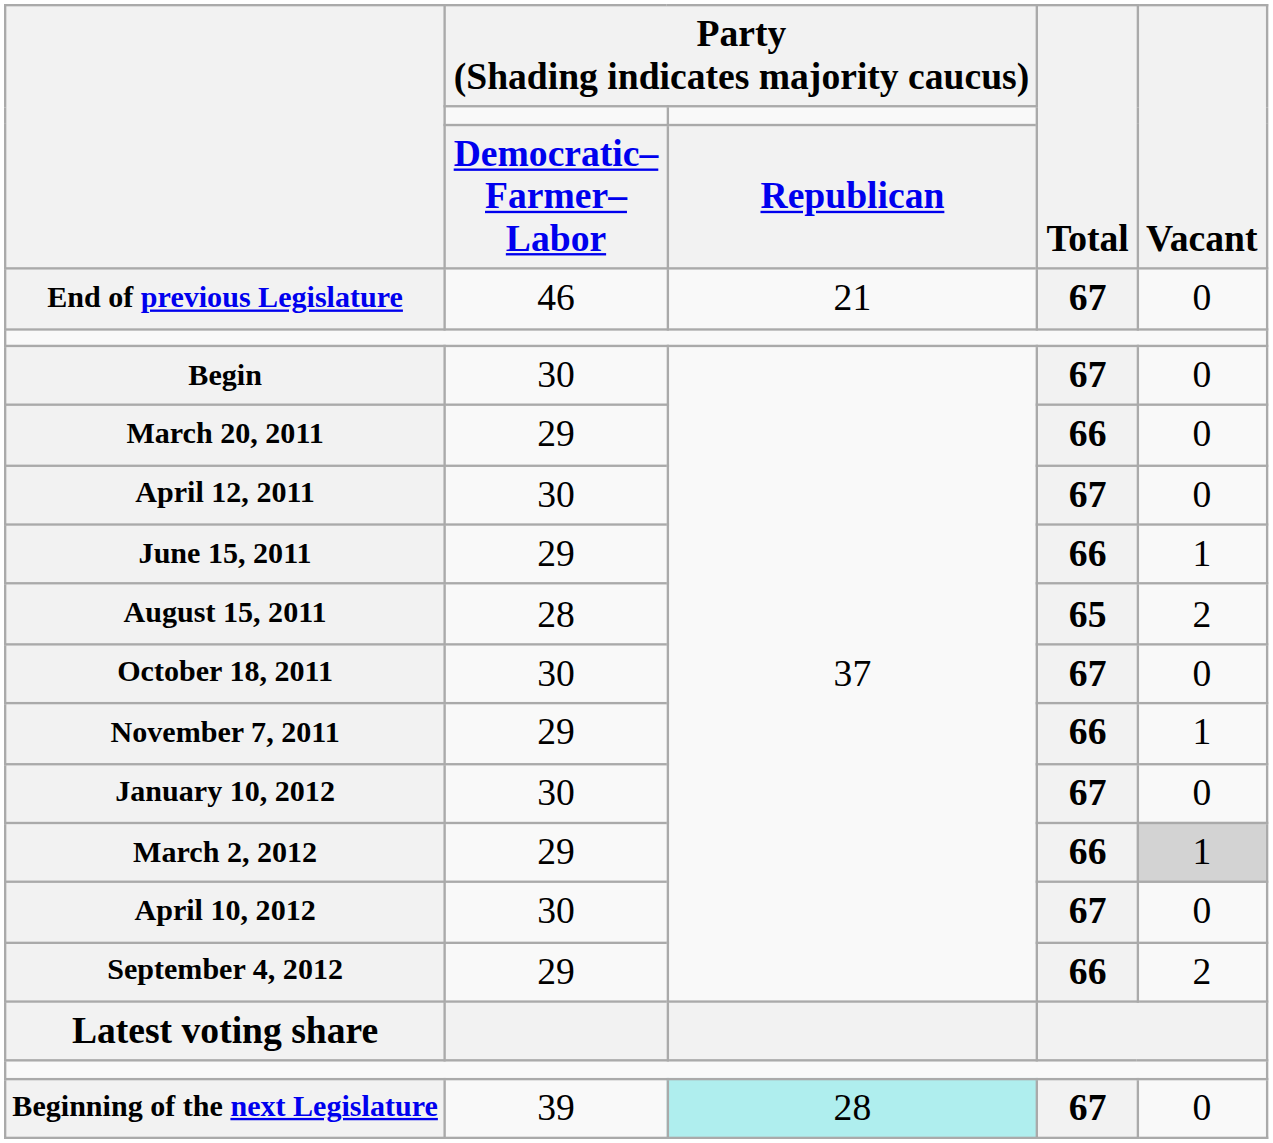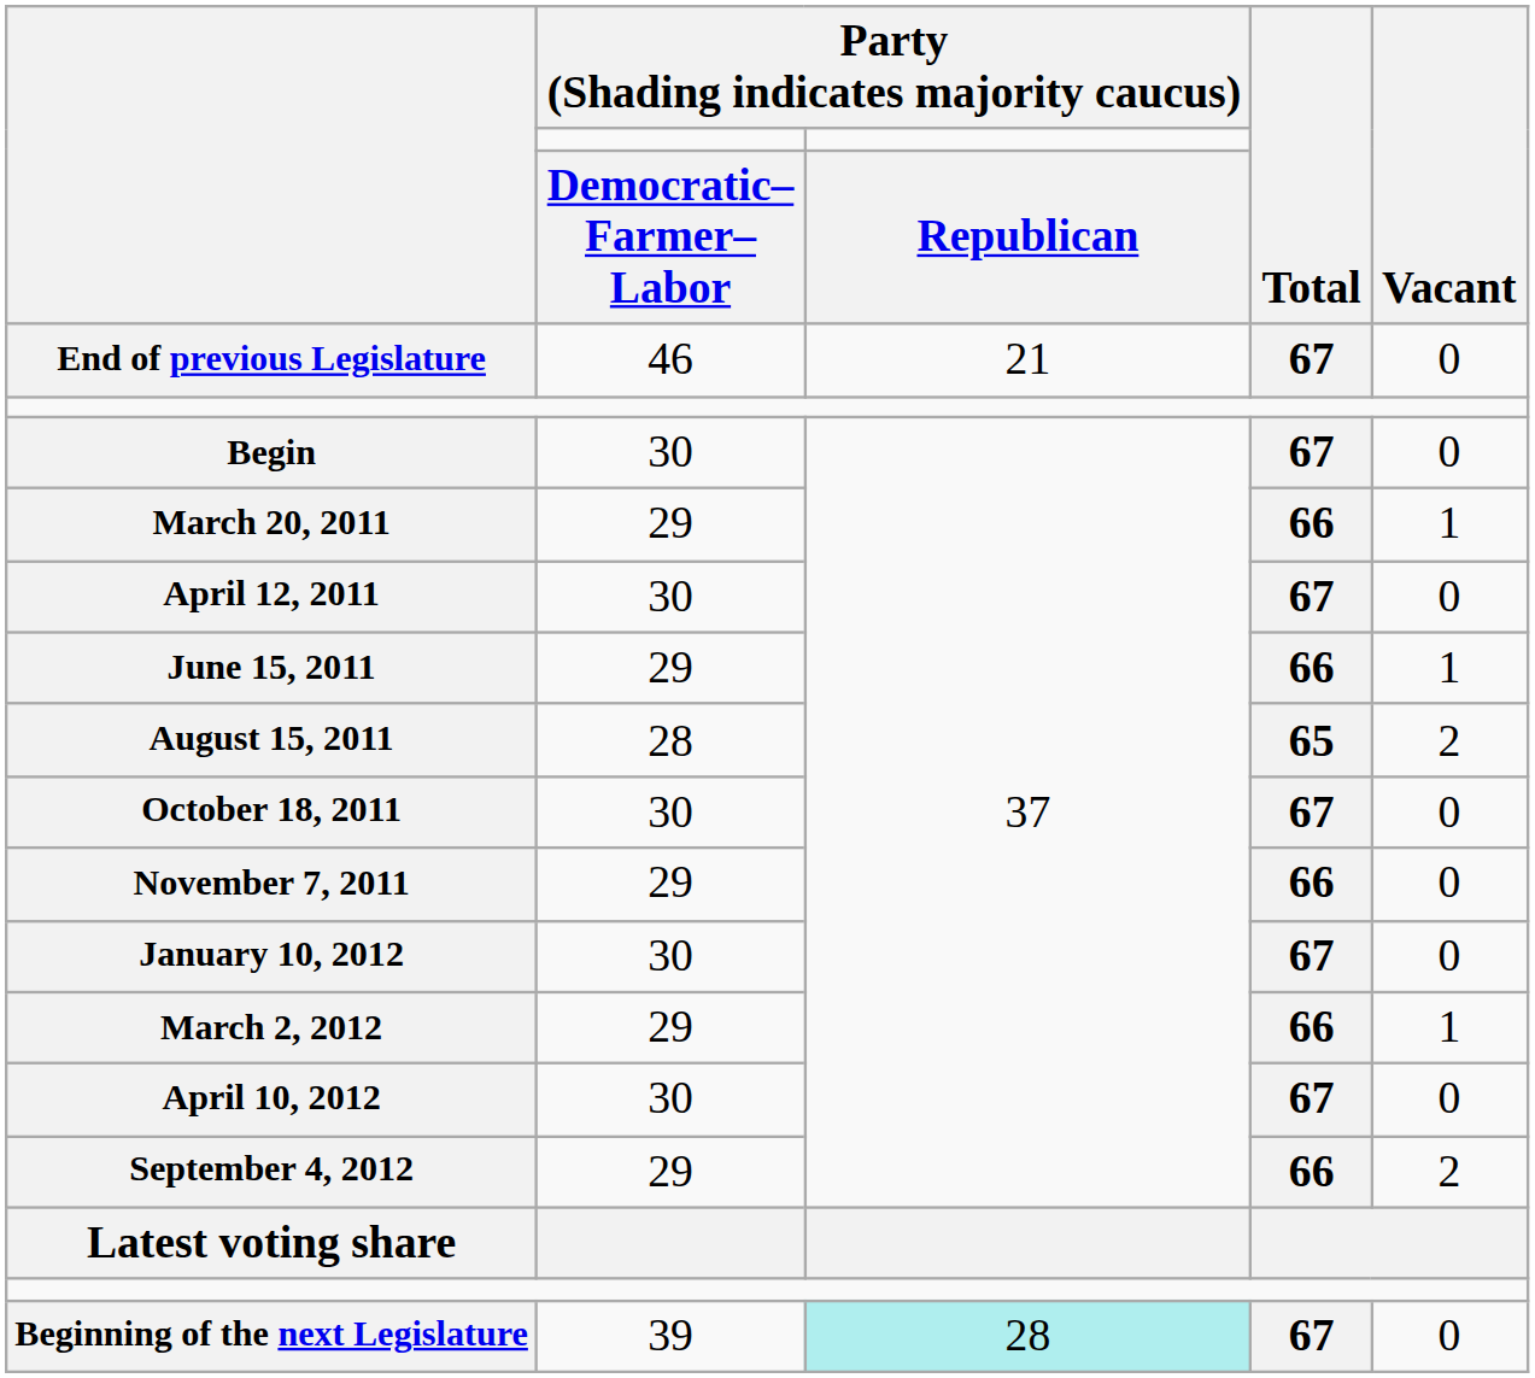 <table class=wikitable style="text-align:center">
 <tr style="vertical-align:bottom;">
 <th rowspan=3></th>
 <th colspan=2>Party <div>(Shading indicates majority caucus)</div></th>
 <th rowspan=3>Total</th>
 <th rowspan=3>Vacant</th>
 </tr>
 <tr style="height:5px">
 <td style="background-color:"></td>
 <td style="background-color:"></td>
 </tr>
 <tr>
 <th width=60><a href='#'>Democratic–Farmer–Labor</a></th>
 <th><a href='#'>Republican</a></th>
 </tr>
 <tr>
 <th style="white-space:nowrap; font-size:80%;">End of <a href='#'>previous Legislature</a></th>
 <td>46</td>
 <td>21</td>
 <th>67</th>
 <td>0</td>
 </tr>
 <tr>
 <td colspan=6></td>
 </tr>
 <tr>
 <th style="font-size:80%">Begin</th>
 <td>30</td>
 <td rowspan=11 >37</td>
 <th>67</th>
 <td>0</td>
 </tr>
 <tr>
 <th style="font-size:80%">March 20, 2011 </th>
 <td>29</td>
 <th>66</th>
-<td>0</td>
+<td>1</td>
 </tr>
 <tr>
 <th style="font-size:80%">April 12, 2011 </th>
 <td>30</td>
 <th>67</th>
 <td>0</td>
 </tr>
 <tr>
 <th style="font-size:80%">June 15, 2011 </th>
 <td>29</td>
 <th>66</th>
 <td>1</td>
 </tr>
 <tr>
 <th style="font-size:80%">August 15, 2011 </th>
 <td>28</td>
 <th>65</th>
 <td>2</td>
 </tr>
 <tr>
 <th style="font-size:80%">October 18, 2011 </th>
 <td>30</td>
 <th>67</th>
 <td>0</td>
 </tr>
 <tr>
 <th style="font-size:80%">November 7, 2011 </th>
 <td>29</td>
 <th>66</th>
-<td>1</td>
+<td>0</td>
 </tr>
 <tr>
 <th style="font-size:80%">January 10, 2012 </th>
 <td>30</td>
 <th>67</th>
 <td>0</td>
 </tr>
 <tr>
 <th style="font-size:80%">March 2, 2012 </th>
 <td>29</td>
 <th>66</th>
-<td style="background: lightgrey;">1</td>
+<td>1</td>
 </tr>
 <tr>
 <th style="font-size:80%">April 10, 2012 </th>
 <td>30</td>
 <th>67</th>
 <td>0</td>
 </tr>
 <tr>
 <th style="font-size:80%">September 4, 2012 </th>
 <td>29</td>
 <th>66</th>
 <td>2</td>
 </tr>
 <tr>
 <th>Latest voting share</th>
 <th></th>
 <th></th>
 <th colspan=2></th>
 </tr>
 <tr>
 <td colspan=6></td>
 </tr>
 <tr>
 <th style="white-space:nowrap; font-size:80%;">Beginning of the <a href='#'>next Legislature</a></th>
 <td>39</td>
 <td style="background: paleturquoise;">28</td>
 <th>67</th>
 <td>0</td>
 </tr>
 </table>
